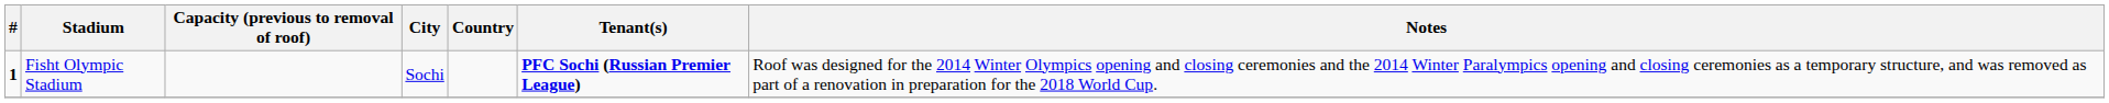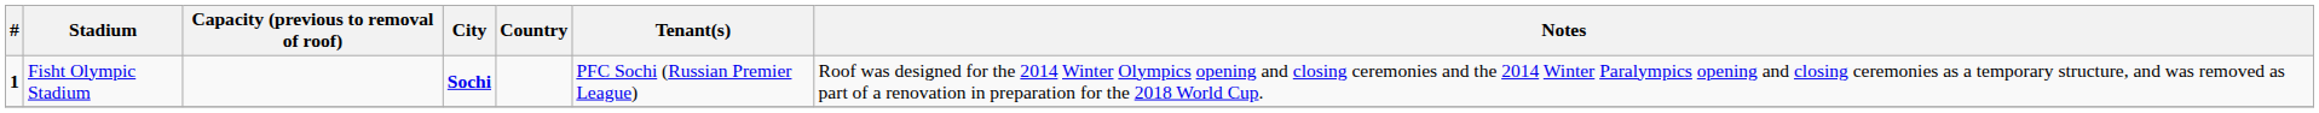 <table class="wikitable sortable">
 <tr>
 <th>#</th>
 <th>Stadium</th>
 <th>Capacity (previous to removal of roof)</th>
 <th>City</th>
 <th>Country</th>
 <th>Tenant(s)</th>
 <th class="unsortable">Notes</th>
 </tr>
 <tr>
 <td><strong>1</strong></td>
 <td><a href='#'>Fisht Olympic Stadium</a></td>
 <td></td>
-<td><a href='#'>Sochi</a></td>
+<td><strong><a href='#'>Sochi</a></strong></td>
 <td></td>
-<td><strong><a href='#'>PFC Sochi</a> (<a href='#'>Russian Premier League</a>)</strong></td>
+<td><a href='#'>PFC Sochi</a> (<a href='#'>Russian Premier League</a>)</td>
 <td>Roof was designed for the <a href='#'>2014</a> <a href='#'>Winter</a> <a href='#'>Olympics</a> <a href='#'>opening</a> and <a href='#'>closing</a> ceremonies and the <a href='#'>2014</a> <a href='#'>Winter</a> <a href='#'>Paralympics</a> <a href='#'>opening</a> and <a href='#'>closing</a> ceremonies as a temporary structure, and was removed as part of a renovation in preparation for the <a href='#'>2018 World Cup</a>.</td>
 </tr>
 <tr>
 </tr>
 </table>
